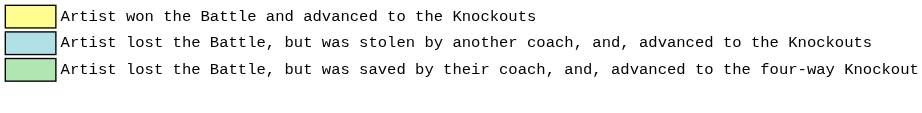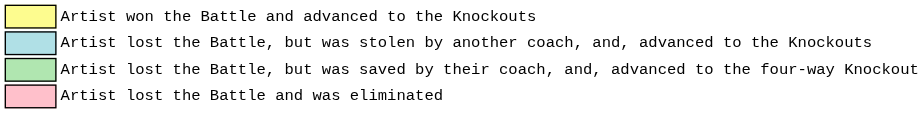 <table class="toccolours" style="font-size: 90%; white-space: nowrap”">
 <tr>
 <td style="background:#fdfc8f; border:1px solid black">     </td>
 <td>Artist won the Battle and advanced to the Knockouts</td>
 </tr>
 <tr>
 <td style="background:#b0e0e6; border:1px solid black">     </td>
 <td>Artist lost the Battle, but was stolen by another coach, and, advanced to the Knockouts</td>
 </tr>
 <tr>
 <td style="background:#b0e6b0; border:1px solid black">     </td>
 <td>Artist lost the Battle, but was saved by their coach, and, advanced to the four-way Knockout</td>
 </tr>
 <tr>
+<td style="background:pink; border:1px solid black">     </td>
+<td>Artist lost the Battle and was eliminated</td>
+</tr>
+<tr>
 </tr>
 </table>
